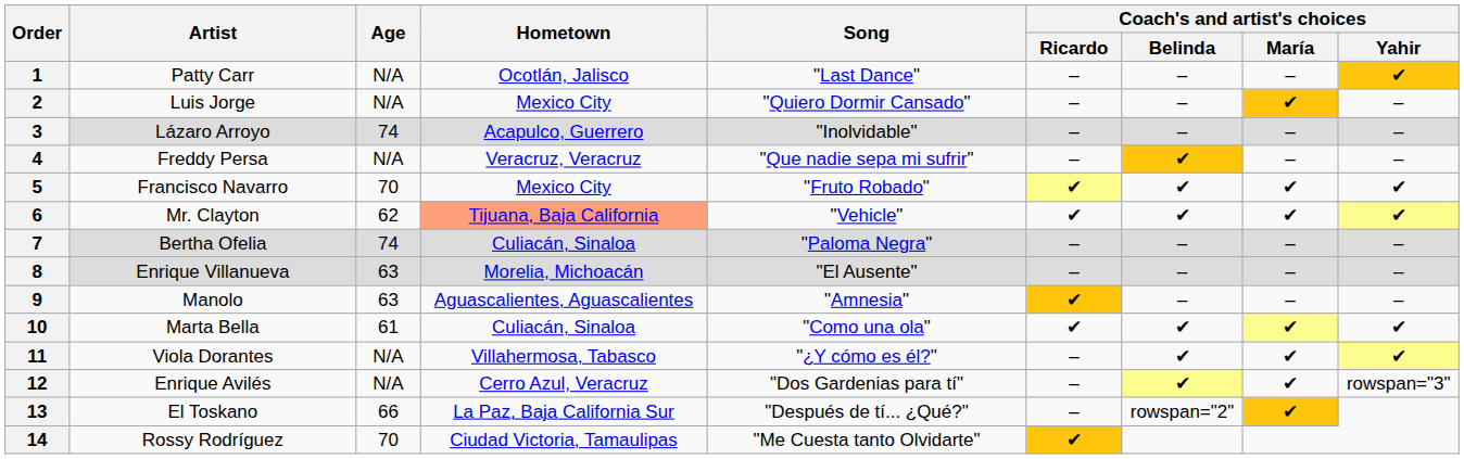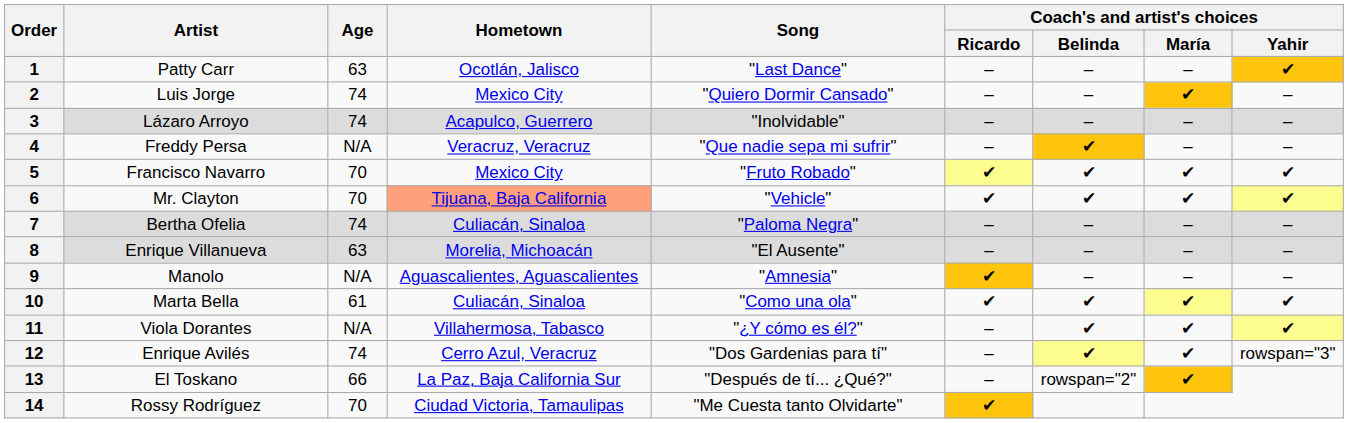 <table class="wikitable" style="text-align:center; line-height:17px; width:100%">
 <tr>
 <th scope="col" rowspan="2" style="width:04%">Order</th>
 <th scope="col" rowspan="2" style="width:18%">Artist</th>
 <th scope="col" rowspan="2" style="width:04%">Age</th>
 <th scope="col" rowspan="2" style="width:18%">Hometown</th>
 <th scope="col" rowspan="2" style="width:20%">Song</th>
 <th scope="col" colspan="4" style="width:24%">Coach's and artist's choices</th>
 </tr>
 <tr>
 <th style="width:06%">Ricardo</th>
 <th style="width:06%">Belinda</th>
 <th style="width:06%">María</th>
 <th style="width:06%">Yahir</th>
 </tr>
 <tr>
 <th>1</th>
 <td>Patty Carr</td>
-<td>N/A</td>
+<td>63</td>
 <td><a href='#'>Ocotlán, Jalisco</a></td>
 <td>"<a href='#'>Last Dance</a>"</td>
 <td>–</td>
 <td>–</td>
 <td>–</td>
 <td style="background:#ffc40c">✔</td>
 </tr>
 <tr>
 <th>2</th>
 <td>Luis Jorge</td>
-<td>N/A</td>
+<td>74</td>
 <td><a href='#'>Mexico City</a></td>
 <td>"<a href='#'>Quiero Dormir Cansado</a>"</td>
 <td>–</td>
 <td>–</td>
 <td style="background:#ffc40c">✔</td>
 <td>–</td>
 </tr>
 <tr style="background:#dcdcdc">
 <th>3</th>
 <td>Lázaro Arroyo</td>
 <td>74</td>
 <td><a href='#'>Acapulco, Guerrero</a></td>
 <td>"Inolvidable"</td>
 <td>–</td>
 <td>–</td>
 <td>–</td>
 <td>–</td>
 </tr>
 <tr>
 <th>4</th>
 <td>Freddy Persa</td>
 <td>N/A</td>
 <td><a href='#'>Veracruz, Veracruz</a></td>
 <td>"<a href='#'>Que nadie sepa mi sufrir</a>"</td>
 <td>–</td>
 <td style="background:#ffc40c">✔</td>
 <td>–</td>
 <td>–</td>
 </tr>
 <tr>
 <th>5</th>
 <td>Francisco Navarro</td>
 <td>70</td>
 <td><a href='#'>Mexico City</a></td>
 <td>"<a href='#'>Fruto Robado</a>"</td>
 <td style="background:#fdfc8f">✔</td>
 <td>✔</td>
 <td>✔</td>
 <td>✔</td>
 </tr>
 <tr>
 <th>6</th>
 <td>Mr. Clayton</td>
-<td>62</td>
+<td>70</td>
 <td style="background: lightsalmon;"><a href='#'>Tijuana, Baja California</a></td>
 <td>"<a href='#'>Vehicle</a>"</td>
 <td>✔</td>
 <td>✔</td>
 <td>✔</td>
 <td style="background:#fdfc8f">✔</td>
 </tr>
 <tr style="background:#dcdcdc">
 <th>7</th>
 <td>Bertha Ofelia</td>
 <td>74</td>
 <td><a href='#'>Culiacán, Sinaloa</a></td>
 <td>"<a href='#'>Paloma Negra</a>"</td>
 <td>–</td>
 <td>–</td>
 <td>–</td>
 <td>–</td>
 </tr>
 <tr style="background:#dcdcdc">
 <th>8</th>
 <td>Enrique Villanueva</td>
 <td>63</td>
 <td><a href='#'>Morelia, Michoacán</a></td>
 <td>"El Ausente"</td>
 <td>–</td>
 <td>–</td>
 <td>–</td>
 <td>–</td>
 </tr>
 <tr>
 <th>9</th>
 <td>Manolo</td>
-<td>63</td>
+<td>N/A</td>
 <td><a href='#'>Aguascalientes, Aguascalientes</a></td>
 <td>"<a href='#'>Amnesia</a>"</td>
 <td style="background:#ffc40c">✔</td>
 <td>–</td>
 <td>–</td>
 <td>–</td>
 </tr>
 <tr>
 <th>10</th>
 <td>Marta Bella</td>
 <td>61</td>
 <td><a href='#'>Culiacán, Sinaloa</a></td>
 <td>"<a href='#'>Como una ola</a>"</td>
 <td>✔</td>
 <td>✔</td>
 <td style="background:#fdfc8f">✔</td>
 <td>✔</td>
 </tr>
 <tr>
 <th>11</th>
 <td>Viola Dorantes</td>
 <td>N/A</td>
 <td><a href='#'>Villahermosa, Tabasco</a></td>
 <td>"<a href='#'>¿Y cómo es él?</a>"</td>
 <td>–</td>
 <td>✔</td>
 <td>✔</td>
 <td style="background:#fdfc8f">✔</td>
 </tr>
 <tr>
 <th>12</th>
 <td>Enrique Avilés</td>
-<td>N/A</td>
+<td>74</td>
 <td><a href='#'>Cerro Azul, Veracruz</a></td>
 <td>"Dos Gardenias para tí"</td>
 <td>–</td>
 <td style="background:#fdfc8f">✔</td>
 <td>✔</td>
 <td>rowspan="3" </td>
 </tr>
 <tr>
 <th>13</th>
 <td>El Toskano</td>
 <td>66</td>
 <td><a href='#'>La Paz, Baja California Sur</a></td>
 <td>"Después de tí... ¿Qué?"</td>
 <td>–</td>
 <td>rowspan="2" </td>
 <td style="background:#ffc40c">✔</td>
 </tr>
 <tr>
 <th>14</th>
 <td>Rossy Rodríguez</td>
 <td>70</td>
 <td><a href='#'>Ciudad Victoria, Tamaulipas</a></td>
 <td>"Me Cuesta tanto Olvidarte"</td>
 <td style="background:#ffc40c">✔</td>
 <td></td>
 </tr>
 </table>
